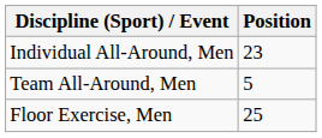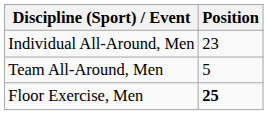 <table class="wikitable">
 <tr>
 <th>Discipline (Sport) / Event</th>
 <th>Position</th>
 </tr>
 <tr>
 <td>Individual All-Around, Men</td>
 <td>23</td>
 </tr>
 <tr>
 <td>Team All-Around, Men</td>
 <td>5</td>
 </tr>
 <tr>
 <td>Floor Exercise, Men</td>
-<td>25</td>
+<td><strong>25</strong></td>
 </tr>
 </table>
